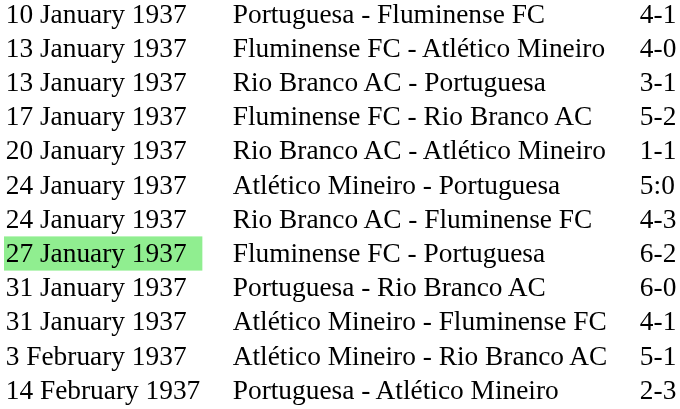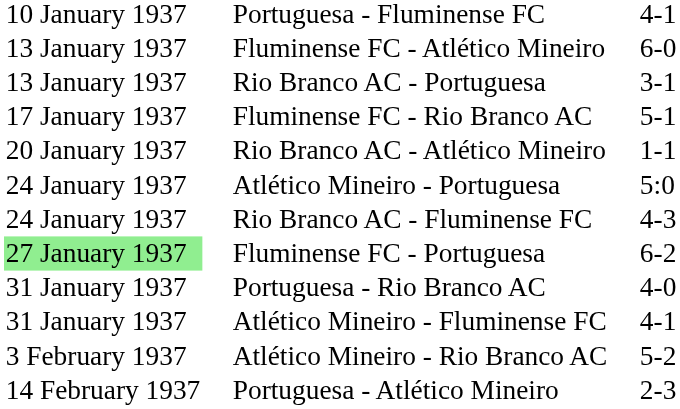 <table Border=0 cellspacing=0>
 <tr>
 <td>10 January 1937</td>
 <td rowspan=12 style=width:15px> </td>
 <td>Portuguesa - Fluminense FC</td>
 <td rowspan=12 style=width:15px> </td>
 <td>4-1</td>
 </tr>
 <tr>
 <td>13 January 1937</td>
 <td>Fluminense FC - Atlético Mineiro</td>
-<td>4-0</td>
+<td>6-0</td>
 </tr>
 <tr>
 <td>13 January 1937</td>
 <td>Rio Branco AC - Portuguesa</td>
 <td>3-1</td>
 </tr>
 <tr>
 <td>17 January 1937</td>
 <td>Fluminense FC - Rio Branco AC</td>
-<td>5-2</td>
+<td>5-1</td>
 </tr>
 <tr>
 <td>20 January 1937</td>
 <td>Rio Branco AC - Atlético Mineiro</td>
 <td>1-1</td>
 </tr>
 <tr>
 <td>24 January 1937</td>
 <td>Atlético Mineiro - Portuguesa</td>
 <td>5:0</td>
 </tr>
 <tr>
 <td>24 January 1937</td>
 <td>Rio Branco AC - Fluminense FC</td>
 <td>4-3</td>
 </tr>
 <tr>
 <td style="background: lightgreen;">27 January 1937</td>
 <td>Fluminense FC - Portuguesa</td>
 <td>6-2</td>
 </tr>
 <tr>
 <td>31 January 1937</td>
 <td>Portuguesa - Rio Branco AC</td>
-<td>6-0</td>
+<td>4-0</td>
 </tr>
 <tr>
 <td>31 January 1937</td>
 <td>Atlético Mineiro - Fluminense FC</td>
 <td>4-1</td>
 </tr>
 <tr>
 <td>3 February 1937</td>
 <td>Atlético Mineiro - Rio Branco AC</td>
-<td>5-1</td>
+<td>5-2</td>
 </tr>
 <tr>
 <td>14 February 1937</td>
 <td>Portuguesa - Atlético Mineiro</td>
 <td>2-3</td>
 </tr>
 </table>
